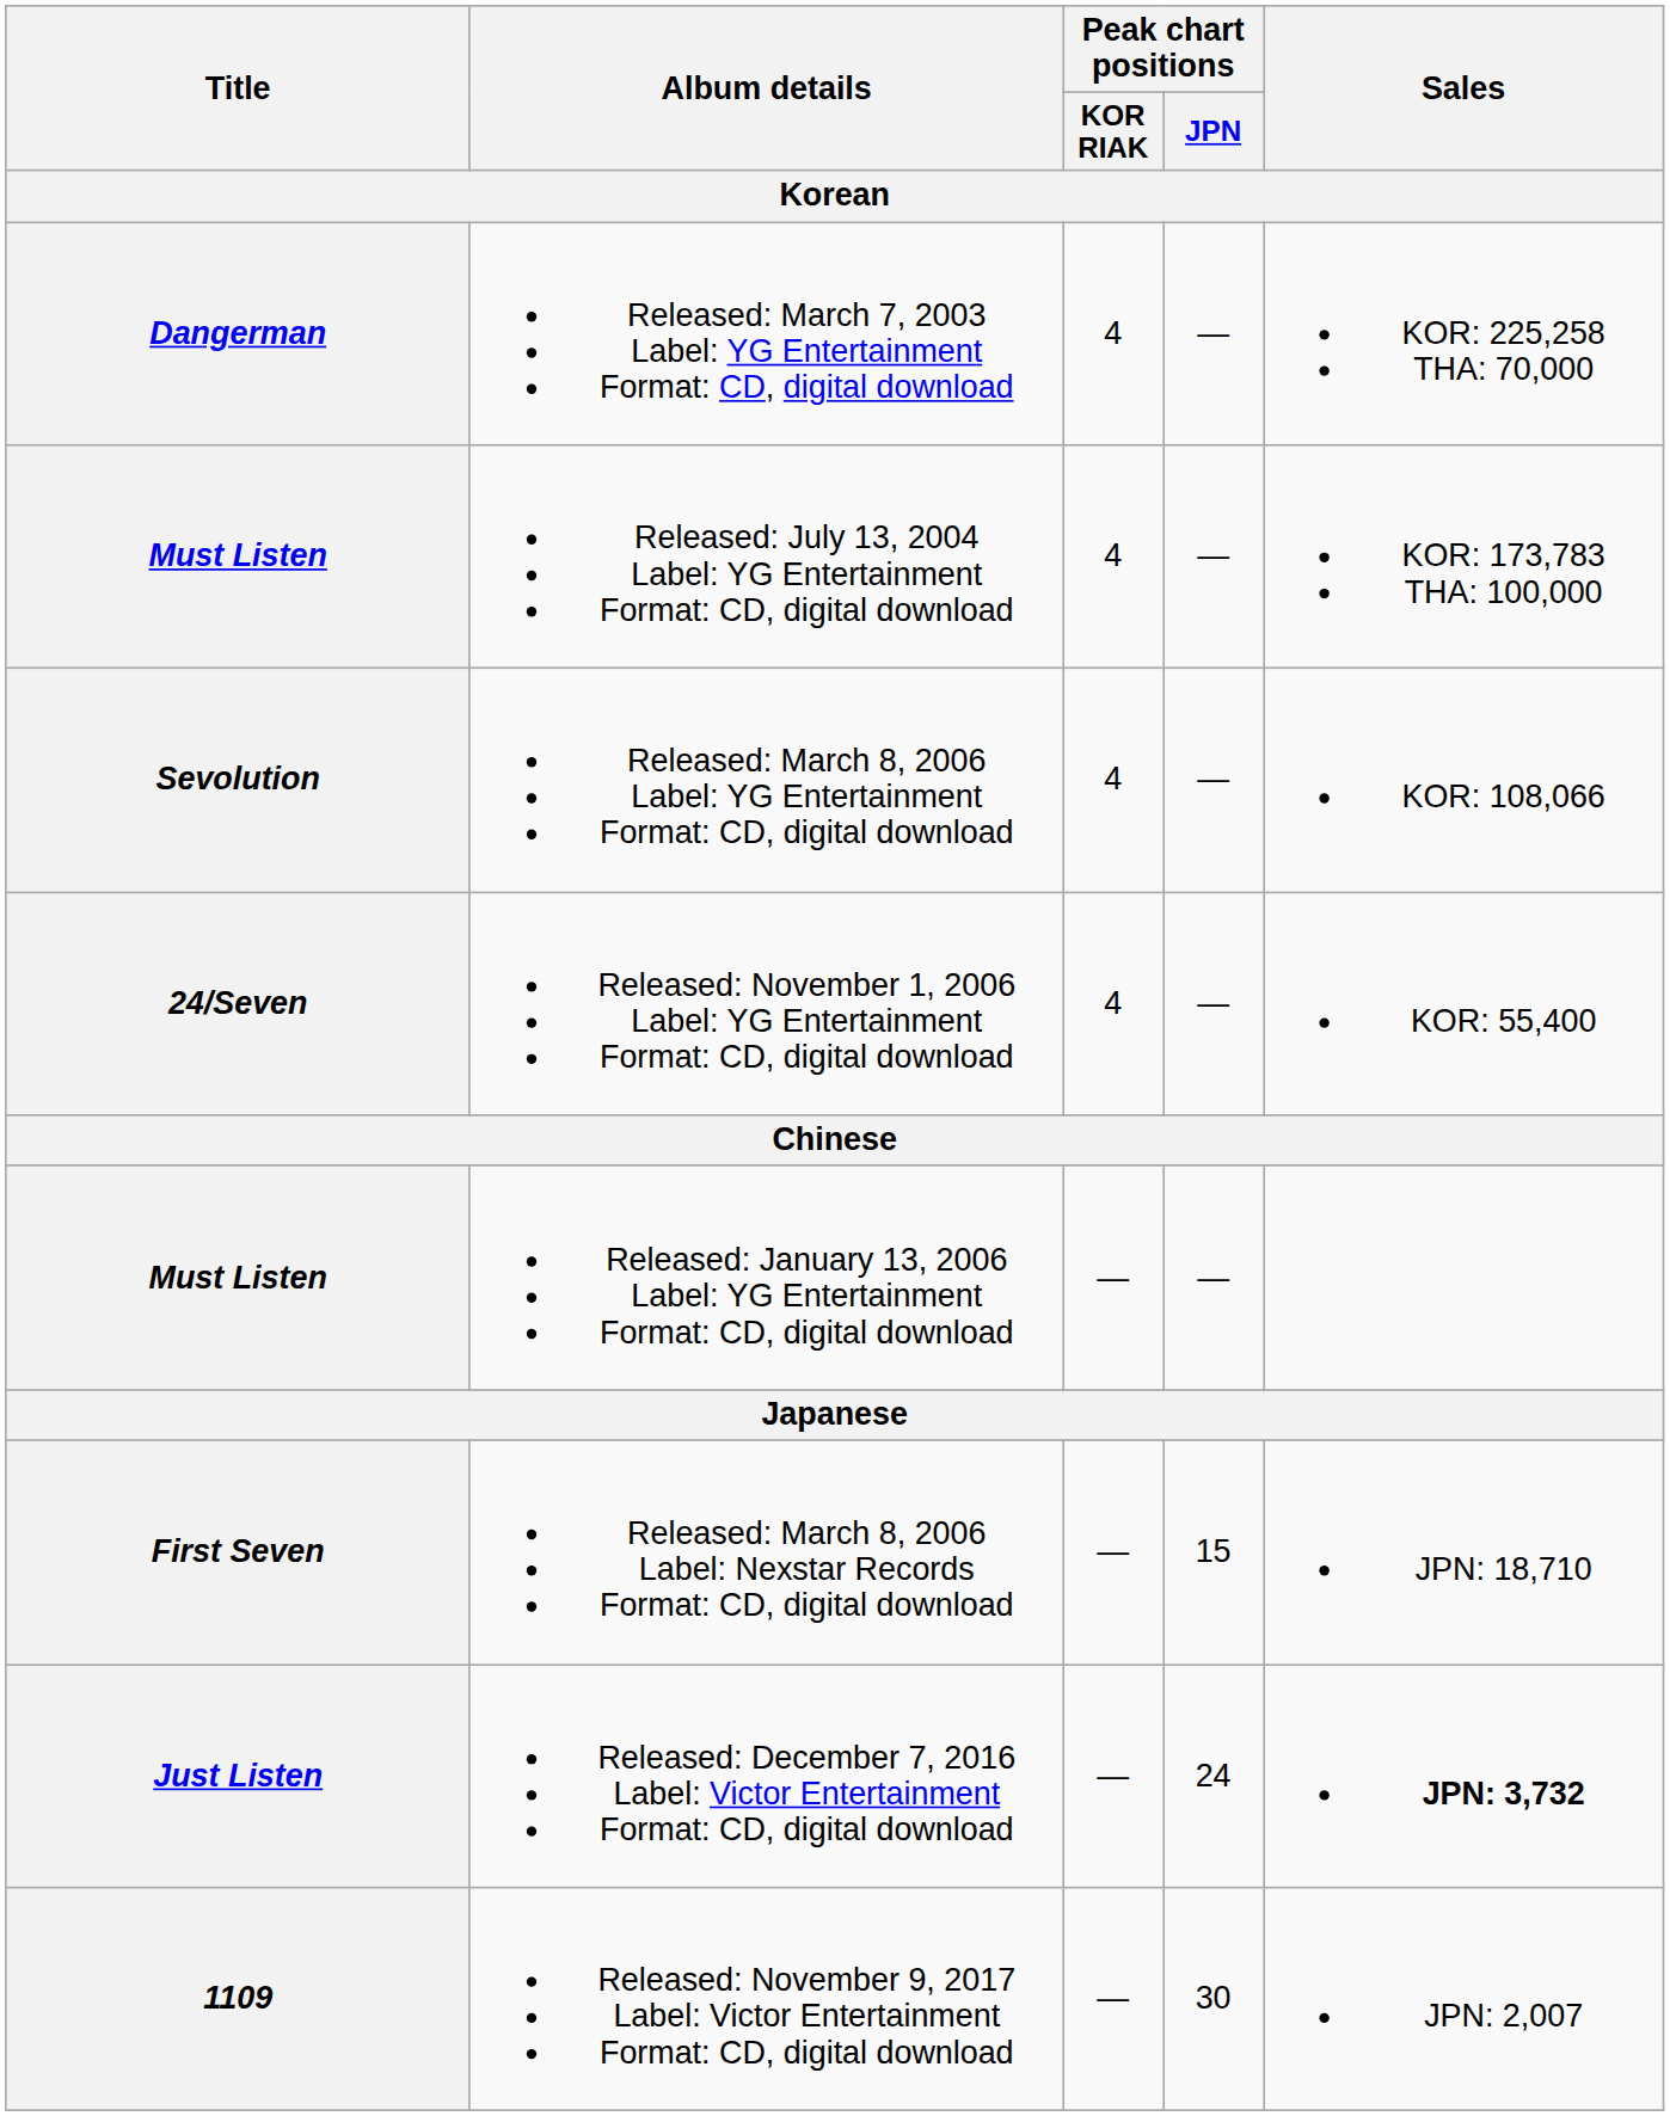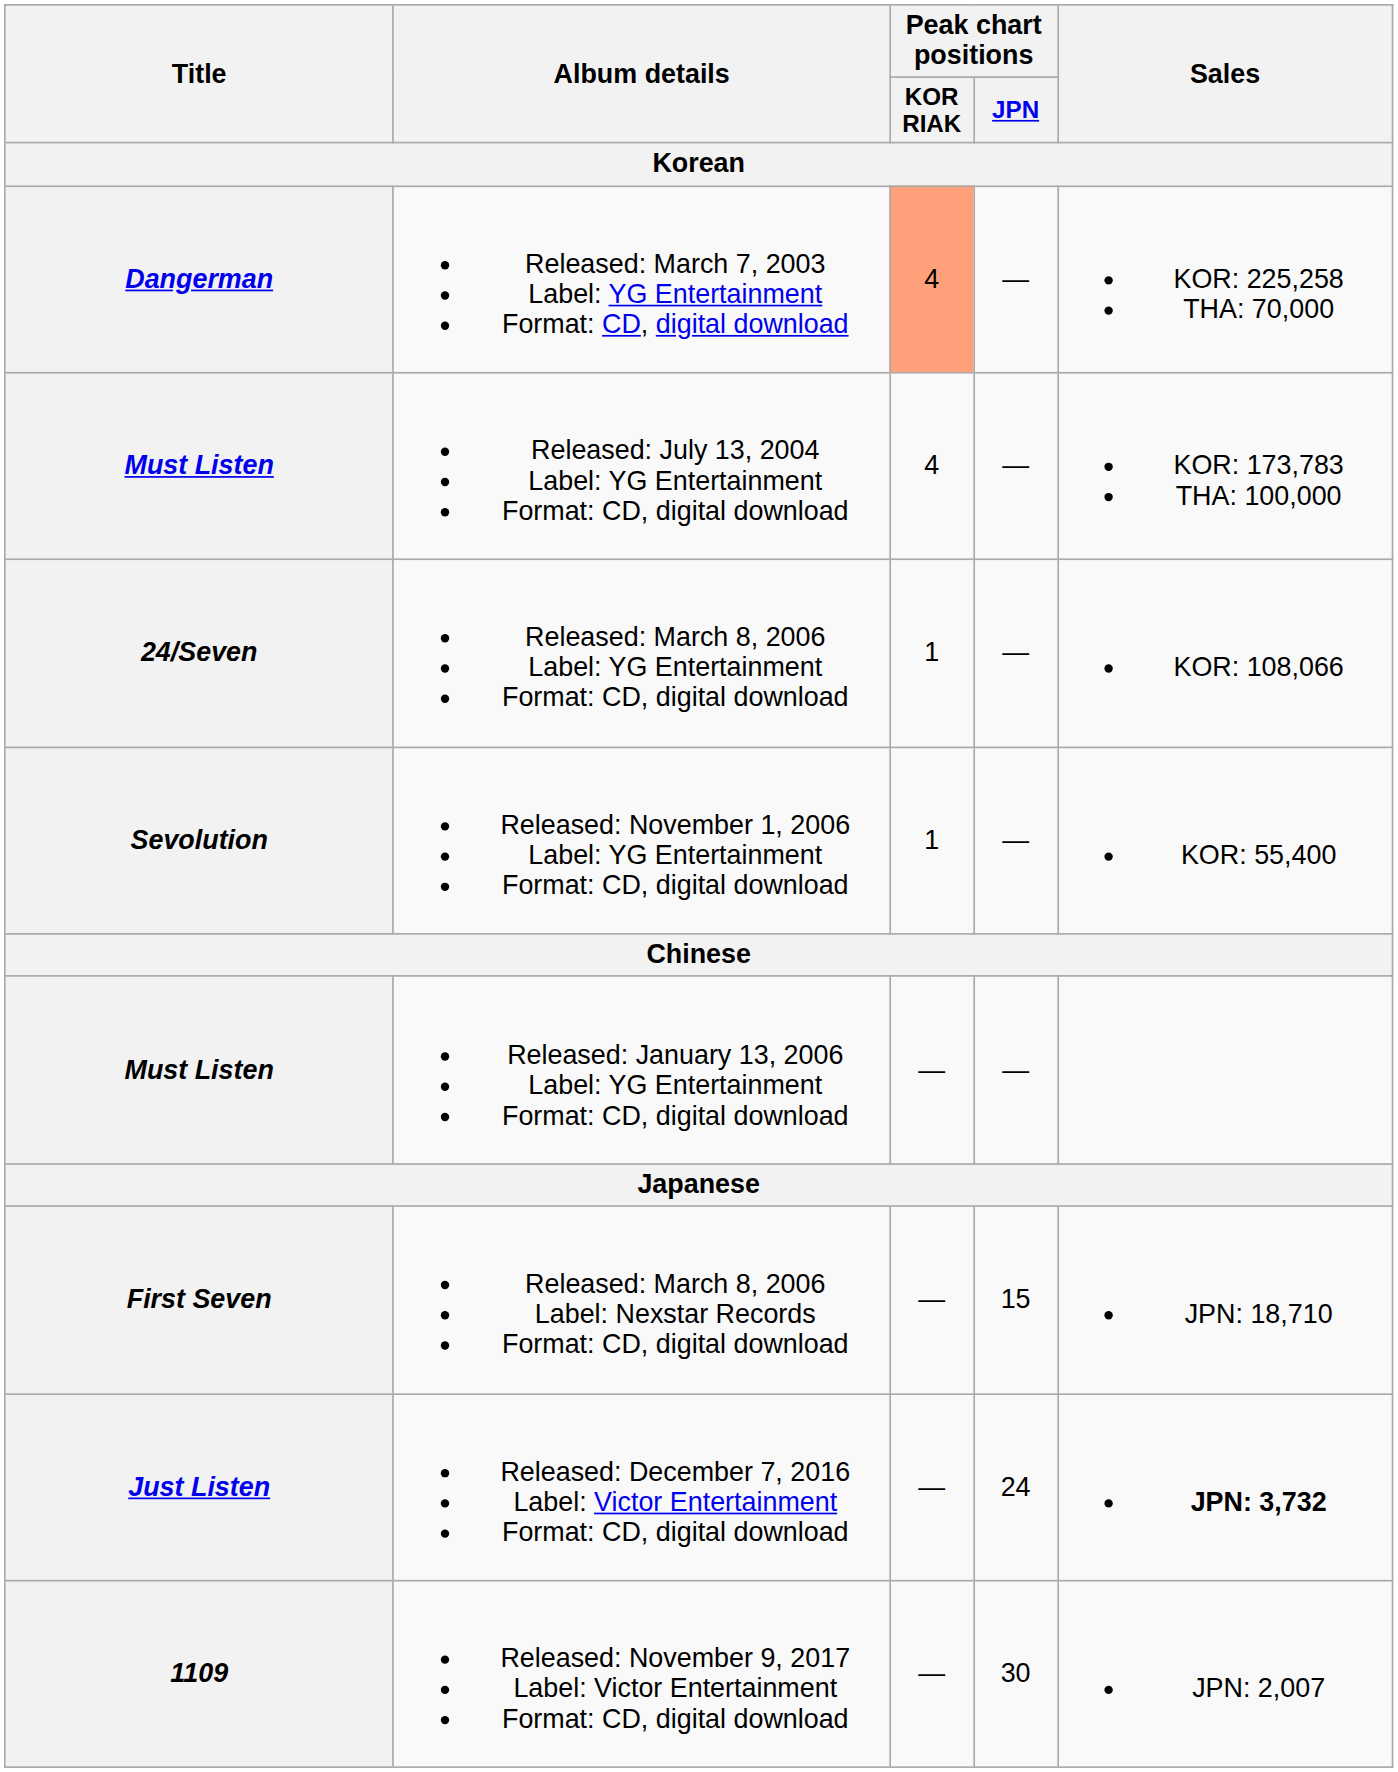 <table class="wikitable plainrowheaders" style="text-align:center;" border="1">
 <tr>
 <th scope="col" rowspan="2" style="width:14em;">Title</th>
 <th scope="col" rowspan="2" style="width:18em;">Album details</th>
 <th scope="col" colspan="2">Peak chart positions</th>
 <th scope="col" rowspan="2" style="width:12em;">Sales</th>
 </tr>
 <tr>
 <th scope="col" style="width:3em;font-size:90%;">KOR RIAK<br></th>
 <th scope="col" style="width:3em;font-size:90%;"><a href='#'>JPN</a><br></th>
 </tr>
 <tr>
 <th scope="col" colspan="5">Korean</th>
 </tr>
 <tr>
 <th scope="row"><em><a href='#'>Dangerman</a></em></th>
 <td><br><ul><li>Released: March 7, 2003</li><li>Label: <a href='#'>YG Entertainment</a></li><li>Format: <a href='#'>CD</a>, <a href='#'>digital download</a></li></ul></td>
-<td>4</td>
+<td style="background: lightsalmon;">4</td>
 <td>—</td>
 <td><br><ul><li>KOR: 225,258</li><li>THA: 70,000</li></ul></td>
 </tr>
 <tr>
 <th scope="row"><em><a href='#'>Must Listen</a></em></th>
 <td><br><ul><li>Released: July 13, 2004</li><li>Label: YG Entertainment</li><li>Format: CD, digital download</li></ul></td>
 <td>4</td>
 <td>—</td>
 <td><br><ul><li>KOR: 173,783</li><li>THA: 100,000</li></ul></td>
 </tr>
 <tr>
-<th scope="row"><em>Sevolution</em></th>
+<th scope="row"><em>24/Seven</em></th>
 <td><br><ul><li>Released: March 8, 2006</li><li>Label: YG Entertainment</li><li>Format: CD, digital download</li></ul></td>
-<td>4</td>
+<td>1</td>
 <td>—</td>
 <td><br><ul><li>KOR: 108,066</li></ul></td>
 </tr>
 <tr>
-<th scope="row"><em>24/Seven</em></th>
+<th scope="row"><em>Sevolution</em></th>
 <td><br><ul><li>Released: November 1, 2006</li><li>Label: YG Entertainment</li><li>Format: CD, digital download</li></ul></td>
-<td>4</td>
+<td>1</td>
 <td>—</td>
 <td><br><ul><li>KOR: 55,400</li></ul></td>
 </tr>
 <tr>
 <th scope="col" colspan="5">Chinese</th>
 </tr>
 <tr>
 <th scope="row"><em>Must Listen</em></th>
 <td><br><ul><li>Released: January 13, 2006</li><li>Label: YG Entertainment</li><li>Format: CD, digital download</li></ul></td>
 <td>—</td>
 <td>—</td>
 <td></td>
 </tr>
 <tr>
 <th scope="col" colspan="5">Japanese</th>
 </tr>
 <tr>
 <th scope="row"><em>First Seven</em></th>
 <td><br><ul><li>Released: March 8, 2006</li><li>Label: Nexstar Records</li><li>Format: CD, digital download</li></ul></td>
 <td>—</td>
 <td>15</td>
 <td><br><ul><li>JPN: 18,710</li></ul></td>
 </tr>
 <tr>
 <th scope="row"><em><a href='#'>Just Listen</a></em></th>
 <td><br><ul><li>Released: December 7, 2016</li><li>Label: <a href='#'>Victor Entertainment</a></li><li>Format: CD, digital download</li></ul></td>
 <td>—</td>
 <td>24</td>
 <td><strong><br><ul><li>JPN: 3,732</li></ul></strong></td>
 </tr>
 <tr>
 <th scope="row"><em>1109</em></th>
 <td><br><ul><li>Released: November 9, 2017</li><li>Label: Victor Entertainment</li><li>Format: CD, digital download</li></ul></td>
 <td>—</td>
 <td>30</td>
 <td><br><ul><li>JPN: 2,007</li></ul></td>
 </tr>
 </table>
